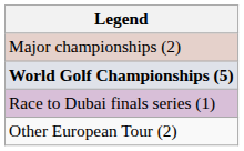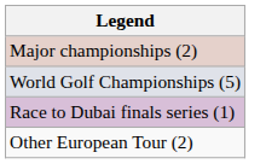 <table class="wikitable" style="font-size:95%;">
 <tr>
 <th>Legend</th>
 </tr>
 <tr style="background:#e5d1cb;">
 <td>Major championships  (2)</td>
 </tr>
 <tr style="background:#dfe2e9;">
-<td><strong>World Golf Championships (5)</strong></td>
+<td>World Golf Championships (5)</td>
 </tr>
 <tr style="background:thistle;">
 <td>Race to Dubai finals series (1)</td>
 </tr>
 <tr>
 <td>Other European Tour (2)</td>
 </tr>
 </table>
